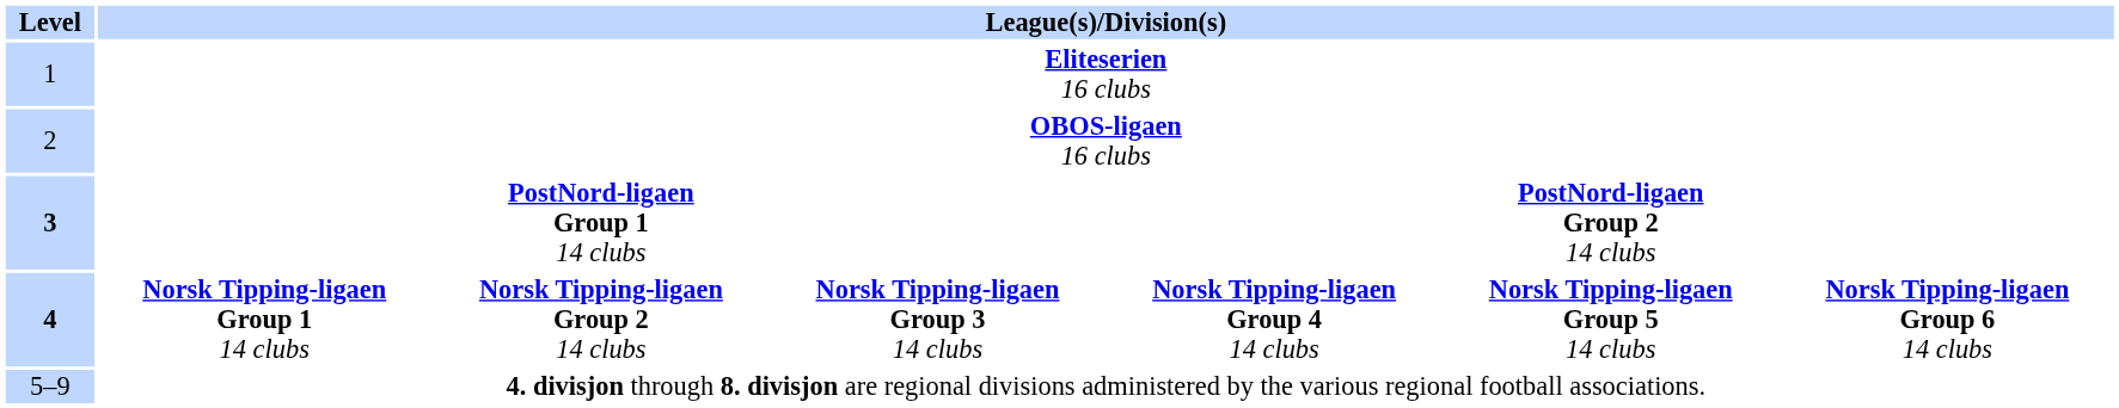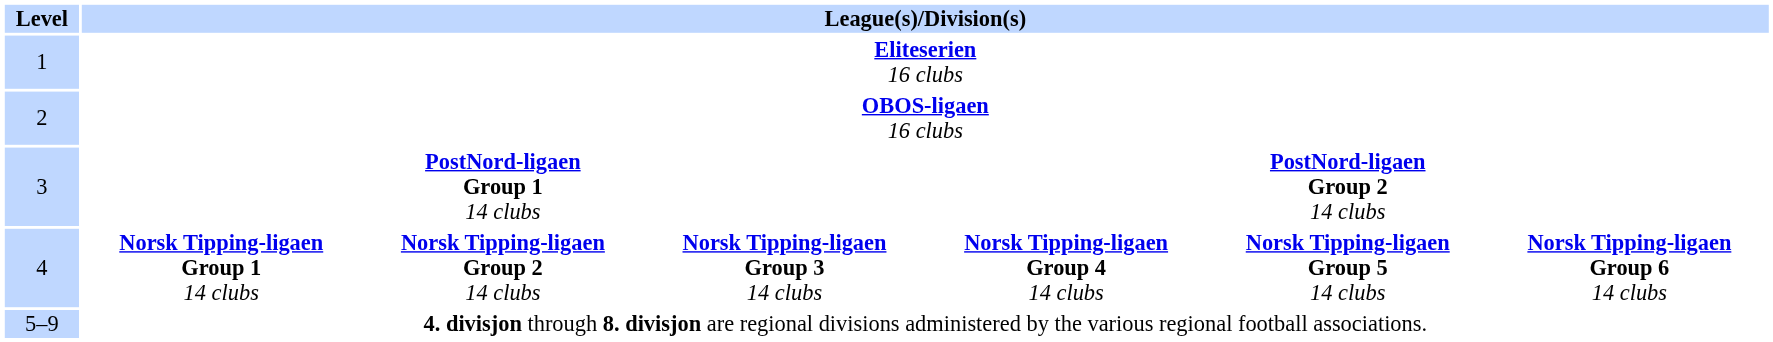 <table class="toccolours" style="margin: 0 auto; width:100%;">
 <tr style="text-align:center;">
 <th style="background:#BFD7FF;">Level</th>
 <th colspan="12" style="background:#BFD7FF;">League(s)/Division(s)</th>
 </tr>
 <tr style="text-align:center;">
 <td style="background:#BFD7FF;">1</td>
 <td colspan="12"><strong><a href='#'>Eliteserien</a></strong><br><em>16 clubs</em></td>
 </tr>
 <tr style="text-align:center;">
 <td style="background:#BFD7FF;">2</td>
 <td colspan="12"><strong><a href='#'>OBOS-ligaen</a></strong><br><em>16 clubs</em></td>
 </tr>
 <tr style="text-align:center;">
-<td style="background:#BFD7FF;"><strong>3</strong></td>
+<td style="background:#BFD7FF;">3</td>
 <td colspan="6"><strong><a href='#'>PostNord-ligaen</a></strong><br><strong>Group 1</strong><br><em>14 clubs</em></td>
 <td colspan="6"><strong><a href='#'>PostNord-ligaen</a></strong><br><strong>Group 2</strong><br><em>14 clubs</em></td>
 </tr>
 <tr style="text-align:center;">
-<td style="background:#BFD7FF;"><strong>4</strong></td>
+<td style="background:#BFD7FF;">4</td>
 <td colspan="2"><strong><a href='#'>Norsk Tipping-ligaen</a></strong><br><strong>Group 1</strong><br><em>14 clubs</em></td>
 <td colspan="2"><strong><a href='#'>Norsk Tipping-ligaen</a></strong><br><strong>Group 2</strong><br><em>14 clubs</em></td>
 <td colspan="2"><strong><a href='#'>Norsk Tipping-ligaen</a></strong><br><strong>Group 3</strong><br><em>14 clubs</em></td>
 <td colspan="2"><strong><a href='#'>Norsk Tipping-ligaen</a></strong><br><strong>Group 4</strong><br><em>14 clubs</em></td>
 <td colspan="2"><strong><a href='#'>Norsk Tipping-ligaen</a></strong><br><strong>Group 5</strong><br><em>14 clubs</em></td>
 <td colspan="2"><strong><a href='#'>Norsk Tipping-ligaen</a></strong><br><strong>Group 6</strong><br><em>14 clubs</em></td>
 </tr>
 <tr style="text-align:center;">
 <td style="background:#BFD7FF;">5–9</td>
 <td colspan="12"><strong>4. divisjon</strong> through <strong>8. divisjon</strong> are regional divisions administered by the various regional football associations.</td>
 </tr>
 </table>
